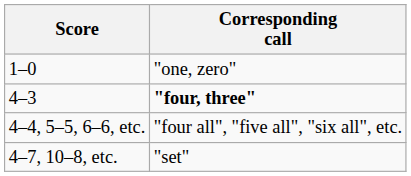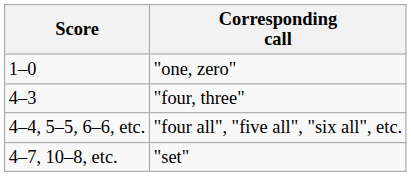 <table class="wikitable">
 <tr>
 <th>Score</th>
 <th>Corresponding<br>call</th>
 </tr>
 <tr>
 <td>1–0</td>
 <td>"one, zero"</td>
 </tr>
 <tr>
 <td>4–3</td>
-<td><strong>"four, three"</strong></td>
+<td>"four, three"</td>
 </tr>
 <tr>
 <td>4–4, 5–5, 6–6, etc.</td>
 <td>"four all", "five all", "six all", etc.</td>
 </tr>
 <tr>
 <td>4–7, 10–8, etc.</td>
 <td>"set"</td>
 </tr>
 </table>
